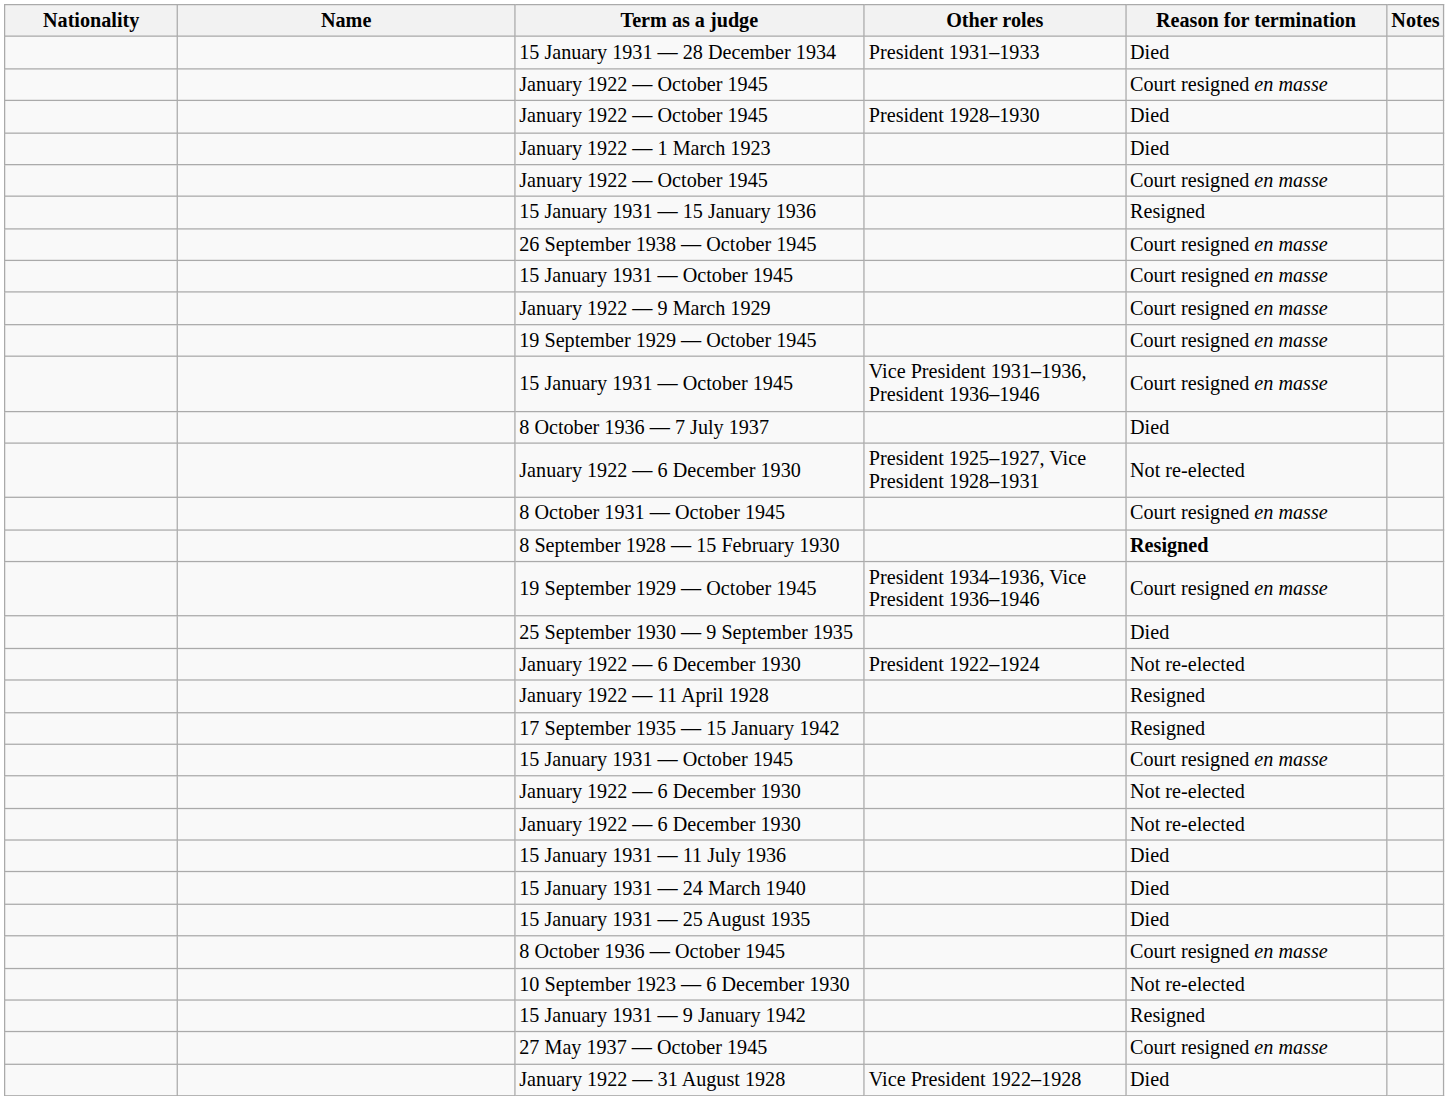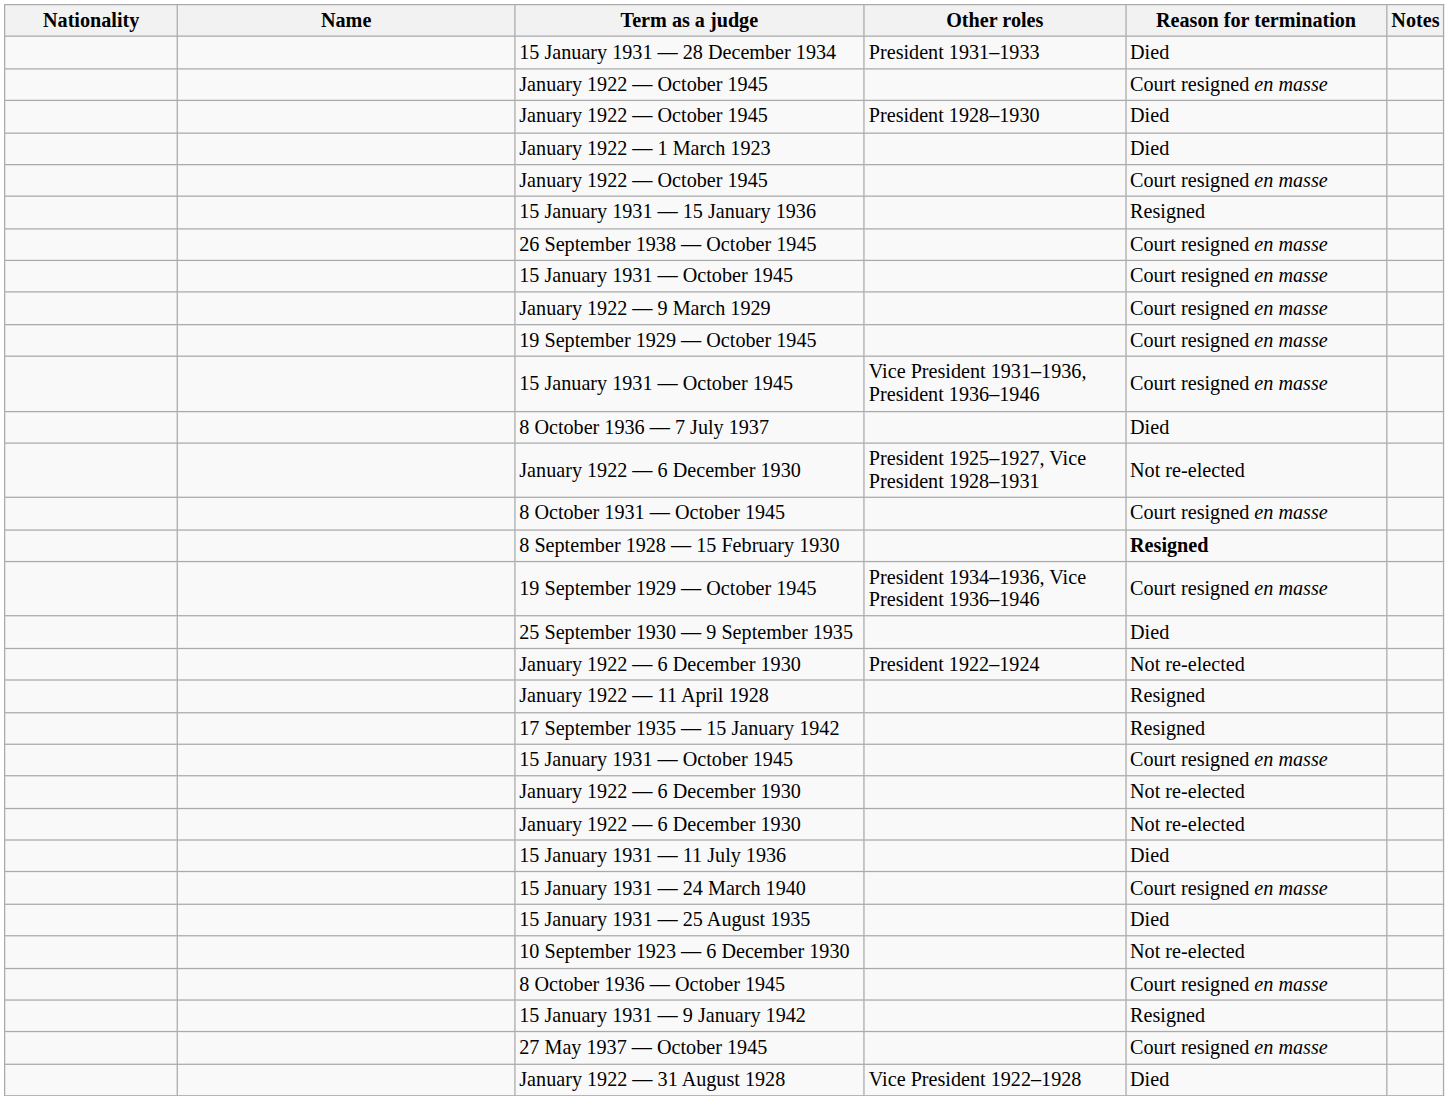 <table class="wikitable sortable" border="1" style="align:left;">
 <tr>
 <th width="130">Nationality</th>
 <th width="260">Name</th>
 <th width="270" class=unsortable>Term as a judge</th>
 <th width="200" class=unsortable>Other roles</th>
 <th width="200" class=unsortable>Reason for termination</th>
 <th width="10" class=unsortable>Notes</th>
 </tr>
 <tr>
 <td></td>
 <td></td>
 <td>15 January 1931 — 28 December 1934</td>
 <td>President 1931–1933</td>
 <td>Died</td>
 <td></td>
 </tr>
 <tr>
 <td></td>
 <td></td>
 <td>January 1922 — October 1945</td>
 <td></td>
 <td>Court resigned <em>en masse</em></td>
 <td></td>
 </tr>
 <tr>
 <td></td>
 <td></td>
 <td>January 1922 — October 1945</td>
 <td>President 1928–1930</td>
 <td>Died</td>
 <td></td>
 </tr>
 <tr>
 <td></td>
 <td></td>
 <td>January 1922 — 1 March 1923</td>
 <td></td>
 <td>Died</td>
 <td></td>
 </tr>
 <tr>
 <td></td>
 <td></td>
 <td>January 1922 — October 1945</td>
 <td></td>
 <td>Court resigned <em>en masse</em></td>
 <td></td>
 </tr>
 <tr>
 <td></td>
 <td></td>
 <td>15 January 1931 — 15 January 1936</td>
 <td></td>
 <td>Resigned</td>
 <td></td>
 </tr>
 <tr>
 <td></td>
 <td></td>
 <td>26 September 1938 — October 1945</td>
 <td></td>
 <td>Court resigned <em>en masse</em></td>
 <td></td>
 </tr>
 <tr>
 <td></td>
 <td></td>
 <td>15 January 1931 — October 1945</td>
 <td></td>
 <td>Court resigned <em>en masse</em></td>
 <td></td>
 </tr>
 <tr>
 <td></td>
 <td></td>
 <td>January 1922 — 9 March 1929</td>
 <td></td>
 <td>Court resigned <em>en masse</em></td>
 <td></td>
 </tr>
 <tr>
 <td></td>
 <td></td>
 <td>19 September 1929 — October 1945</td>
 <td></td>
 <td>Court resigned <em>en masse</em></td>
 <td></td>
 </tr>
 <tr>
 <td></td>
 <td></td>
 <td>15 January 1931 — October 1945</td>
 <td>Vice President 1931–1936, President 1936–1946</td>
 <td>Court resigned <em>en masse</em></td>
 <td></td>
 </tr>
 <tr>
 <td></td>
 <td></td>
 <td>8 October 1936 — 7 July 1937</td>
 <td></td>
 <td>Died</td>
 <td></td>
 </tr>
 <tr>
 <td></td>
 <td></td>
 <td>January 1922 — 6 December 1930</td>
 <td>President 1925–1927, Vice President 1928–1931</td>
 <td>Not re-elected</td>
 <td></td>
 </tr>
 <tr>
 <td></td>
 <td></td>
 <td>8 October 1931 — October 1945</td>
 <td></td>
 <td>Court resigned <em>en masse</em></td>
 <td></td>
 </tr>
 <tr>
 <td></td>
 <td></td>
 <td>8 September 1928 — 15 February 1930</td>
 <td></td>
 <td><strong>Resigned</strong></td>
 <td></td>
 </tr>
 <tr>
 <td></td>
 <td></td>
 <td>19 September 1929  — October 1945</td>
 <td>President 1934–1936, Vice President 1936–1946</td>
 <td>Court resigned <em>en masse</em></td>
 <td></td>
 </tr>
 <tr>
 <td></td>
 <td></td>
 <td>25 September 1930 — 9 September 1935</td>
 <td></td>
 <td>Died</td>
 <td></td>
 </tr>
 <tr>
 <td></td>
 <td></td>
 <td>January 1922 — 6 December 1930</td>
 <td>President 1922–1924</td>
 <td>Not re-elected</td>
 <td></td>
 </tr>
 <tr>
 <td></td>
 <td></td>
 <td>January 1922 — 11 April 1928</td>
 <td></td>
 <td>Resigned</td>
 <td></td>
 </tr>
 <tr>
 <td></td>
 <td></td>
 <td>17 September 1935 — 15 January 1942</td>
 <td></td>
 <td>Resigned</td>
 <td></td>
 </tr>
 <tr>
 <td></td>
 <td></td>
 <td>15 January 1931 — October 1945</td>
 <td></td>
 <td>Court resigned <em>en masse</em></td>
 <td></td>
 </tr>
 <tr>
 <td></td>
 <td></td>
 <td>January 1922 — 6 December 1930</td>
 <td></td>
 <td>Not re-elected</td>
 <td></td>
 </tr>
 <tr>
 <td></td>
 <td></td>
 <td>January 1922 — 6 December 1930</td>
 <td></td>
 <td>Not re-elected</td>
 <td></td>
 </tr>
 <tr>
 <td></td>
 <td></td>
 <td>15 January 1931 — 11 July 1936</td>
 <td></td>
 <td>Died</td>
 <td></td>
 </tr>
 <tr>
 <td></td>
 <td></td>
 <td>15 January 1931 — 24 March 1940</td>
 <td></td>
-<td>Died</td>
+<td>Court resigned <em>en masse</em></td>
 <td></td>
 </tr>
 <tr>
 <td></td>
 <td></td>
 <td>15 January 1931 — 25 August 1935</td>
 <td></td>
 <td>Died</td>
 <td></td>
 </tr>
 <tr>
 <td></td>
 <td></td>
-<td>8 October 1936 — October 1945</td>
+<td>10 September 1923 — 6 December 1930</td>
 <td></td>
-<td>Court resigned <em>en masse</em></td>
+<td>Not re-elected</td>
 <td></td>
 </tr>
 <tr>
 <td></td>
 <td></td>
-<td>10 September 1923 — 6 December 1930</td>
+<td>8 October 1936 — October 1945</td>
 <td></td>
-<td>Not re-elected</td>
+<td>Court resigned <em>en masse</em></td>
 <td></td>
 </tr>
 <tr>
 <td></td>
 <td></td>
 <td>15 January 1931 — 9 January 1942</td>
 <td></td>
 <td>Resigned</td>
 <td></td>
 </tr>
 <tr>
 <td></td>
 <td></td>
 <td>27 May 1937 — October 1945</td>
 <td></td>
 <td>Court resigned <em>en masse</em></td>
 <td></td>
 </tr>
 <tr>
 <td></td>
 <td></td>
 <td>January 1922 — 31 August 1928</td>
 <td>Vice President 1922–1928</td>
 <td>Died</td>
 <td></td>
 </tr>
 </table>
